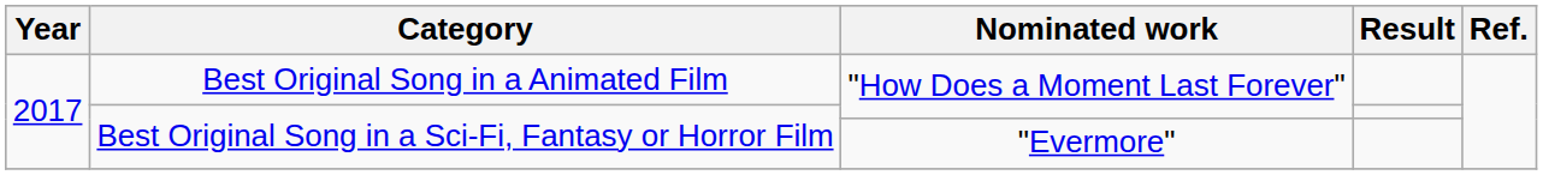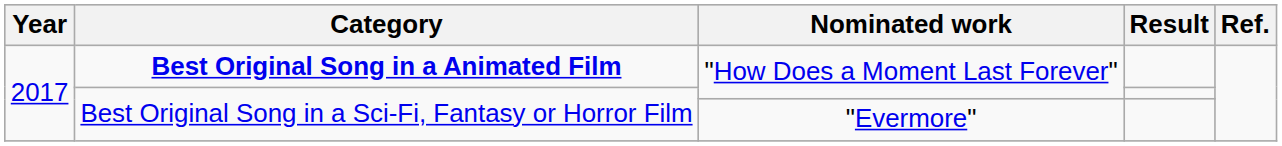 <table class="wikitable plainrowheaders" style="text-align:center;">
 <tr>
 <th>Year</th>
 <th>Category</th>
 <th>Nominated work</th>
 <th>Result</th>
 <th>Ref.</th>
 </tr>
 <tr>
 <td rowspan="3"><a href='#'>2017</a></td>
-<td><a href='#'>Best Original Song in a Animated Film</a></td>
+<td><strong><a href='#'>Best Original Song in a Animated Film</a></strong></td>
 <td rowspan="2">"<a href='#'>How Does a Moment Last Forever</a>" </td>
 <td></td>
 <td rowspan="3"></td>
 </tr>
 <tr>
 <td rowspan="2"><a href='#'>Best Original Song in a Sci-Fi, Fantasy or Horror Film</a></td>
 <td></td>
 </tr>
 <tr>
 <td>"<a href='#'>Evermore</a>" </td>
 <td></td>
 </tr>
 </table>
